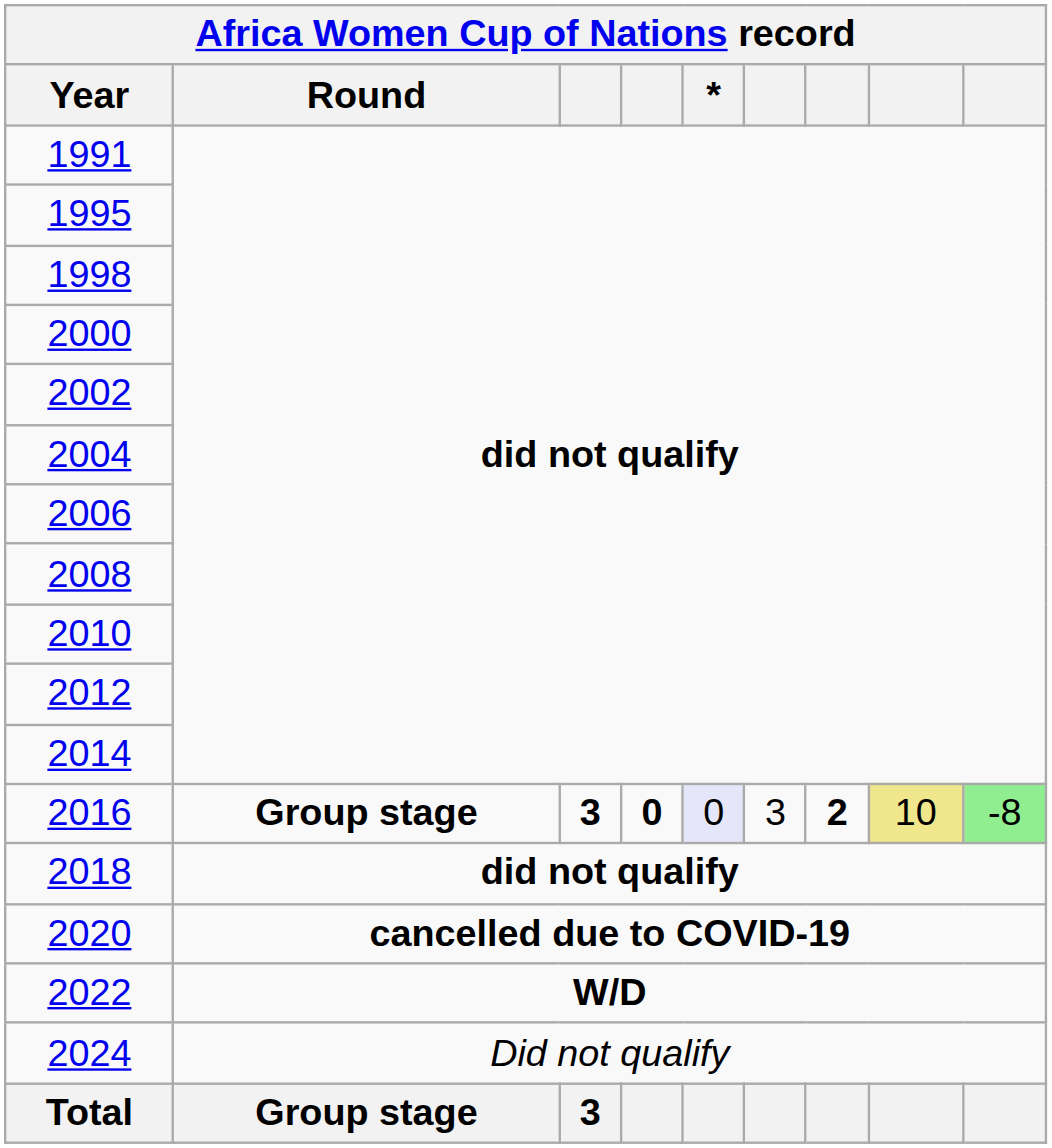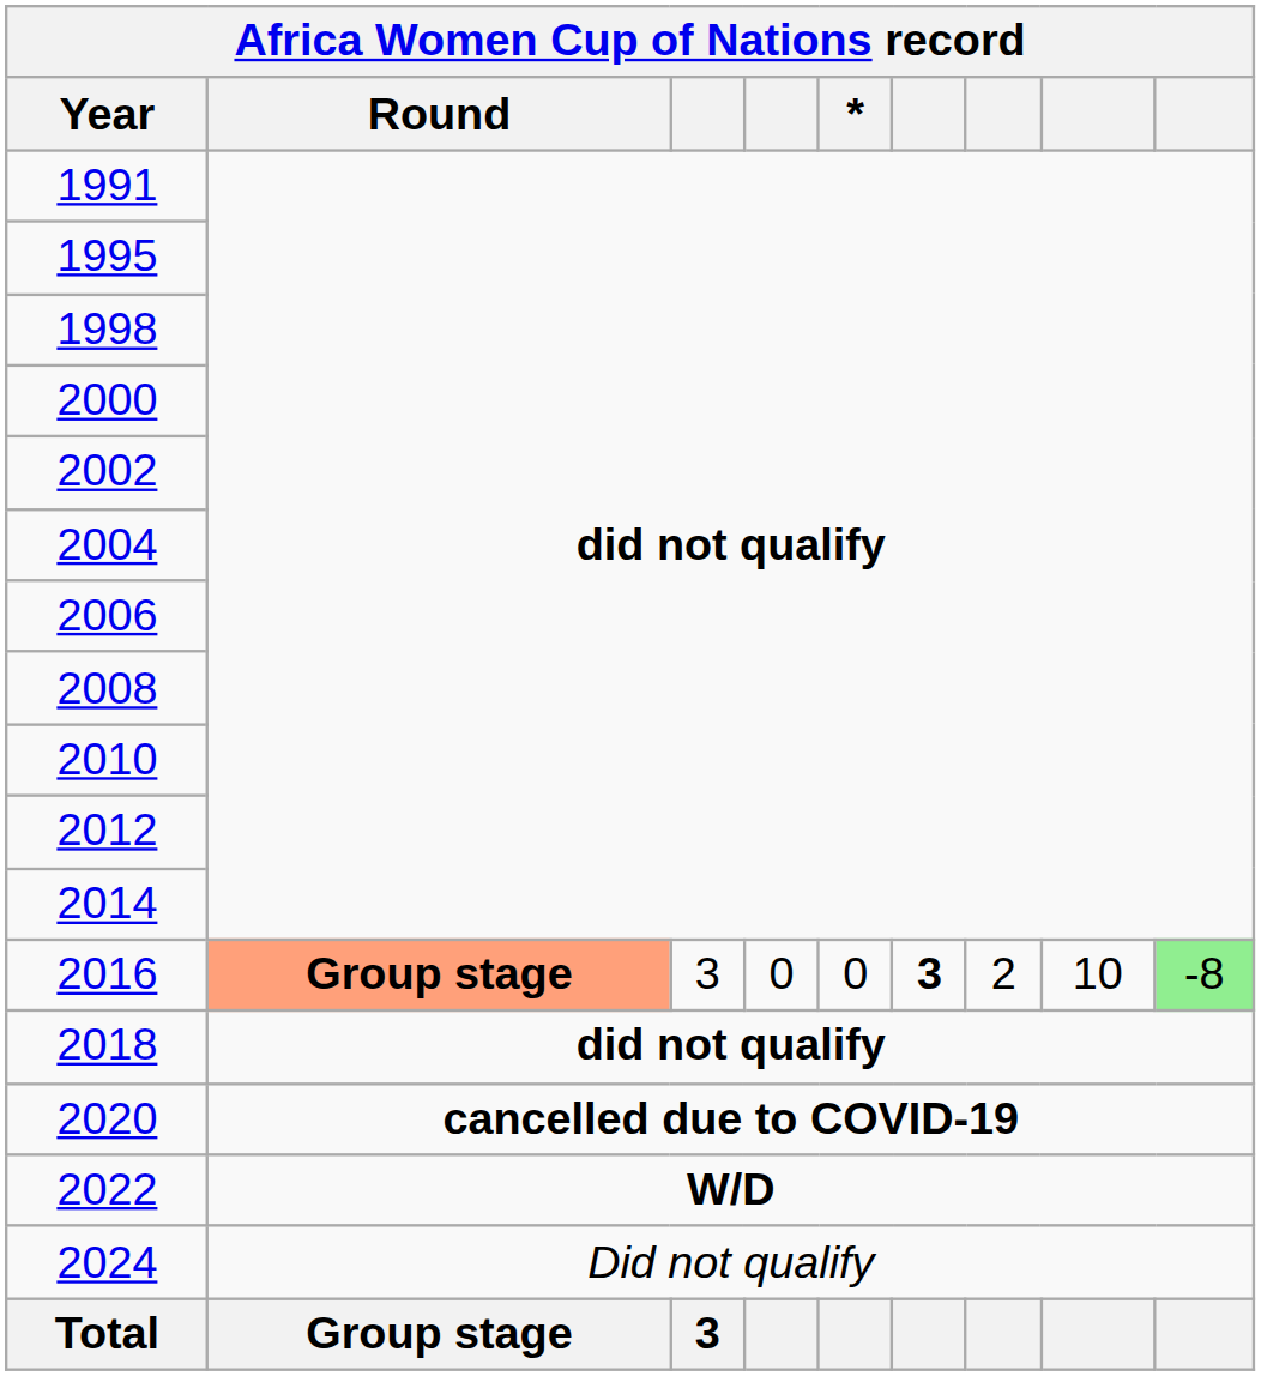 <table class="wikitable" style="text-align: center; width:50%;">
 <tr>
 <th colspan=10><a href='#'>Africa Women Cup of Nations</a> record</th>
 </tr>
 <tr>
 <th>Year</th>
 <th>Round</th>
 <th></th>
 <th></th>
 <th>*</th>
 <th></th>
 <th></th>
 <th></th>
 <th></th>
 </tr>
 <tr>
 <td><a href='#'>1991</a></td>
 <td colspan=8 rowspan=11><strong> did not qualify</strong></td>
 </tr>
 <tr>
 <td><a href='#'>1995</a></td>
 </tr>
 <tr>
 <td> <a href='#'>1998</a></td>
 </tr>
 <tr>
 <td> <a href='#'>2000</a></td>
 </tr>
 <tr>
 <td> <a href='#'>2002</a></td>
 </tr>
 <tr>
 <td> <a href='#'>2004</a></td>
 </tr>
 <tr>
 <td> <a href='#'>2006</a></td>
 </tr>
 <tr>
 <td> <a href='#'>2008</a></td>
 </tr>
 <tr>
 <td> <a href='#'>2010</a></td>
 </tr>
 <tr>
 <td> <a href='#'>2012</a></td>
 </tr>
 <tr>
 <td> <a href='#'>2014</a></td>
 </tr>
 <tr>
 <td> <a href='#'>2016</a></td>
-<td><strong>Group stage</strong></td>
+<td style="background: lightsalmon;"><strong>Group stage</strong></td>
+<td>3</td>
+<td>0</td>
+<td>0</td>
 <td><strong>3</strong></td>
-<td><strong>0</strong></td>
-<td style="background: lavender;">0</td>
-<td>3</td>
-<td><strong>2</strong></td>
-<td style="background: khaki;">10</td>
+<td>2</td>
+<td>10</td>
 <td style="background: lightgreen;">-8</td>
 </tr>
 <tr>
 <td> <a href='#'>2018</a></td>
 <td colspan=8><strong> did not qualify</strong></td>
 </tr>
 <tr>
 <td> <a href='#'>2020</a></td>
 <td colspan=8><strong>cancelled due to COVID-19</strong></td>
 </tr>
 <tr>
 <td> <a href='#'>2022</a></td>
 <td colspan=8><strong> W/D</strong></td>
 </tr>
 <tr>
 <td> <a href='#'>2024</a></td>
 <td colspan=8><em>Did not qualify</em></td>
 </tr>
 <tr>
 <th>Total</th>
 <th>Group stage</th>
 <th>3</th>
 <th></th>
 <th></th>
 <th></th>
 <th></th>
 <th></th>
 <th></th>
 </tr>
 </table>
